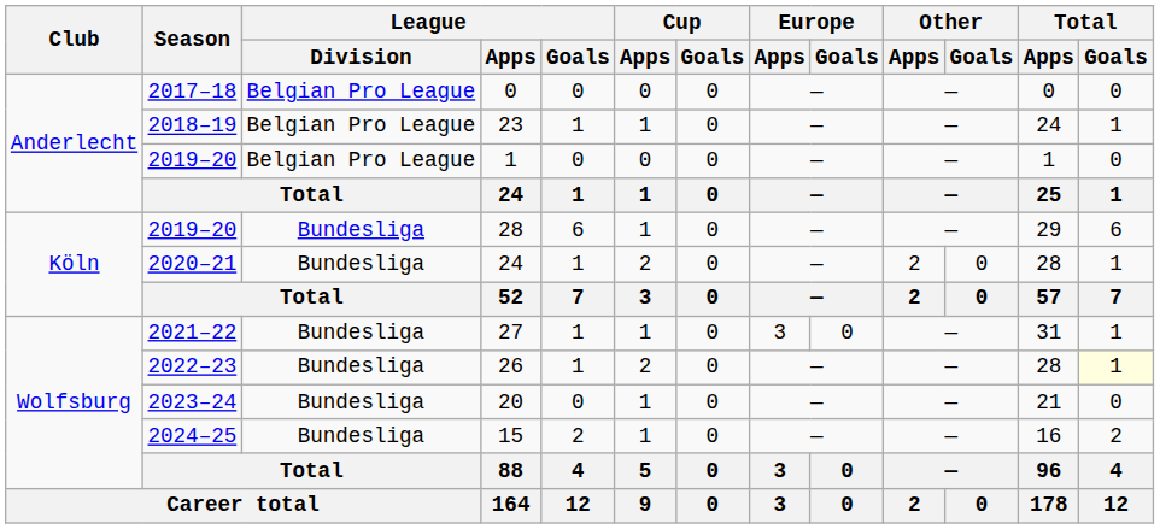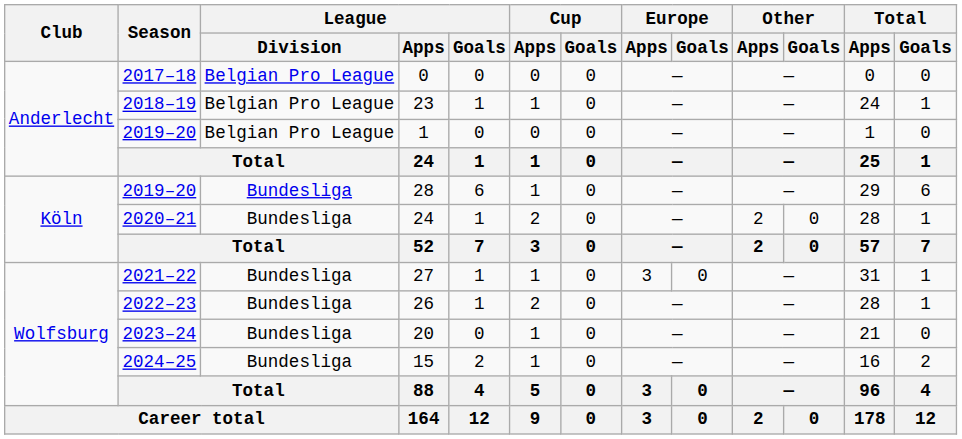 <table class="wikitable" style="text-align:center">
 <tr>
 <th rowspan="2">Club</th>
 <th rowspan="2">Season</th>
 <th colspan="3">League</th>
 <th colspan="2">Cup</th>
 <th colspan="2">Europe</th>
 <th colspan="2">Other</th>
 <th colspan="2">Total</th>
 </tr>
 <tr>
 <th>Division</th>
 <th>Apps</th>
 <th>Goals</th>
 <th>Apps</th>
 <th>Goals</th>
 <th>Apps</th>
 <th>Goals</th>
 <th>Apps</th>
 <th>Goals</th>
 <th>Apps</th>
 <th>Goals</th>
 </tr>
 <tr>
 <td rowspan="4"><a href='#'>Anderlecht</a></td>
 <td><a href='#'>2017–18</a></td>
 <td><a href='#'>Belgian Pro League</a></td>
 <td>0</td>
 <td>0</td>
 <td>0</td>
 <td>0</td>
 <td colspan="2">—</td>
 <td colspan="2">—</td>
 <td>0</td>
 <td>0</td>
 </tr>
 <tr>
 <td><a href='#'>2018–19</a></td>
 <td>Belgian Pro League</td>
 <td>23</td>
 <td>1</td>
 <td>1</td>
 <td>0</td>
 <td colspan="2">—</td>
 <td colspan="2">—</td>
 <td>24</td>
 <td>1</td>
 </tr>
 <tr>
 <td><a href='#'>2019–20</a></td>
 <td>Belgian Pro League</td>
 <td>1</td>
 <td>0</td>
 <td>0</td>
 <td>0</td>
 <td colspan="2">—</td>
 <td colspan="2">—</td>
 <td>1</td>
 <td>0</td>
 </tr>
 <tr>
 <th colspan="2">Total</th>
 <th>24</th>
 <th>1</th>
 <th>1</th>
 <th>0</th>
 <th colspan="2">—</th>
 <th colspan="2">—</th>
 <th>25</th>
 <th>1</th>
 </tr>
 <tr>
 <td rowspan="3"><a href='#'>Köln</a></td>
 <td><a href='#'>2019–20</a></td>
 <td><a href='#'>Bundesliga</a></td>
 <td>28</td>
 <td>6</td>
 <td>1</td>
 <td>0</td>
 <td colspan="2">—</td>
 <td colspan="2">—</td>
 <td>29</td>
 <td>6</td>
 </tr>
 <tr>
 <td><a href='#'>2020–21</a></td>
 <td>Bundesliga</td>
 <td>24</td>
 <td>1</td>
 <td>2</td>
 <td>0</td>
 <td colspan="2">—</td>
 <td>2</td>
 <td>0</td>
 <td>28</td>
 <td>1</td>
 </tr>
 <tr>
 <th colspan="2">Total</th>
 <th>52</th>
 <th>7</th>
 <th>3</th>
 <th>0</th>
 <th colspan="2">—</th>
 <th>2</th>
 <th>0</th>
 <th>57</th>
 <th>7</th>
 </tr>
 <tr>
 <td rowspan="5"><a href='#'>Wolfsburg</a></td>
 <td><a href='#'>2021–22</a></td>
 <td>Bundesliga</td>
 <td>27</td>
 <td>1</td>
 <td>1</td>
 <td>0</td>
 <td>3</td>
 <td>0</td>
 <td colspan="2">—</td>
 <td>31</td>
 <td>1</td>
 </tr>
 <tr>
 <td><a href='#'>2022–23</a></td>
 <td>Bundesliga</td>
 <td>26</td>
 <td>1</td>
 <td>2</td>
 <td>0</td>
 <td colspan="2">—</td>
 <td colspan="2">—</td>
 <td>28</td>
-<td style="background: lightyellow;">1</td>
+<td>1</td>
 </tr>
 <tr>
 <td><a href='#'>2023–24</a></td>
 <td>Bundesliga</td>
 <td>20</td>
 <td>0</td>
 <td>1</td>
 <td>0</td>
 <td colspan="2">—</td>
 <td colspan="2">—</td>
 <td>21</td>
 <td>0</td>
 </tr>
 <tr>
 <td><a href='#'>2024–25</a></td>
 <td>Bundesliga</td>
 <td>15</td>
 <td>2</td>
 <td>1</td>
 <td>0</td>
 <td colspan="2">—</td>
 <td colspan="2">—</td>
 <td>16</td>
 <td>2</td>
 </tr>
 <tr>
 <th colspan="2">Total</th>
 <th>88</th>
 <th>4</th>
 <th>5</th>
 <th>0</th>
 <th>3</th>
 <th>0</th>
 <th colspan="2">—</th>
 <th>96</th>
 <th>4</th>
 </tr>
 <tr>
 <th colspan="3">Career total</th>
 <th>164</th>
 <th>12</th>
 <th>9</th>
 <th>0</th>
 <th>3</th>
 <th>0</th>
 <th>2</th>
 <th>0</th>
 <th>178</th>
 <th>12</th>
 </tr>
 </table>
